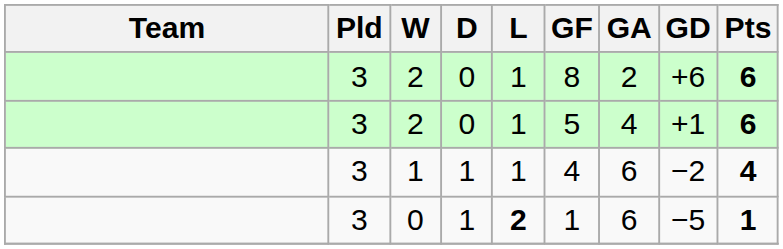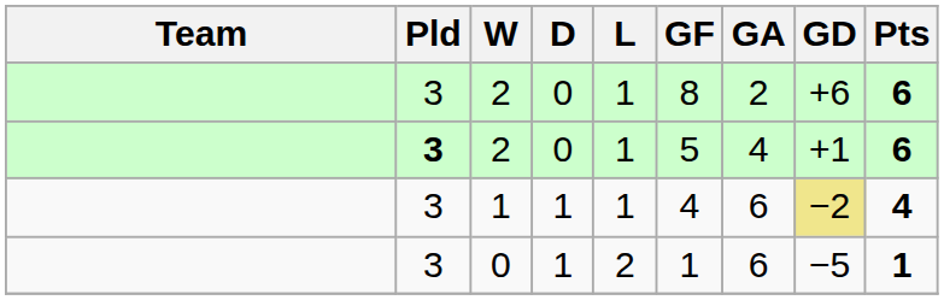 <table class="wikitable" style="text-align:center;">
 <tr>
 <th width=165>Team</th>
 <th width=20>Pld</th>
 <th width=20>W</th>
 <th width=20>D</th>
 <th width=20>L</th>
 <th width=20>GF</th>
 <th width=20>GA</th>
 <th width=20>GD</th>
 <th width=20>Pts</th>
 </tr>
 <tr align=center bgcolor="ccffcc">
 <td style="text-align:left;"></td>
 <td>3</td>
 <td>2</td>
 <td>0</td>
 <td>1</td>
 <td>8</td>
 <td>2</td>
 <td>+6</td>
 <td><strong>6</strong></td>
 </tr>
 <tr align=center bgcolor="ccffcc">
 <td style="text-align:left;"></td>
-<td>3</td>
+<td><strong>3</strong></td>
 <td>2</td>
 <td>0</td>
 <td>1</td>
 <td>5</td>
 <td>4</td>
 <td>+1</td>
 <td><strong>6</strong></td>
 </tr>
 <tr>
 <td style="text-align:left;"></td>
 <td>3</td>
 <td>1</td>
 <td>1</td>
 <td>1</td>
 <td>4</td>
 <td>6</td>
-<td>−2</td>
+<td style="background: khaki;">−2</td>
 <td><strong>4</strong></td>
 </tr>
 <tr>
 <td style="text-align:left;"></td>
 <td>3</td>
 <td>0</td>
 <td>1</td>
-<td><strong>2</strong></td>
+<td>2</td>
 <td>1</td>
 <td>6</td>
 <td>−5</td>
 <td><strong>1</strong></td>
 </tr>
 <tr>
 </tr>
 </table>
